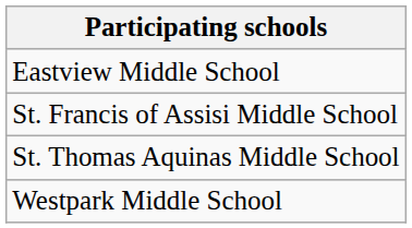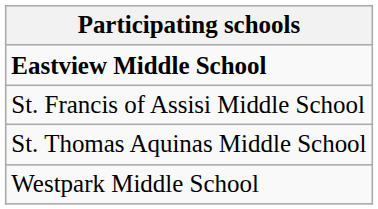 <table class="wikitable" align=right>
 <tr>
 <th>Participating schools</th>
 </tr>
 <tr>
-<td>Eastview Middle School</td>
+<td><strong>Eastview Middle School</strong></td>
 </tr>
 <tr>
 <td>St. Francis of Assisi Middle School</td>
 </tr>
 <tr>
 <td>St. Thomas Aquinas Middle School</td>
 </tr>
 <tr>
 <td>Westpark Middle School</td>
 </tr>
 </table>
